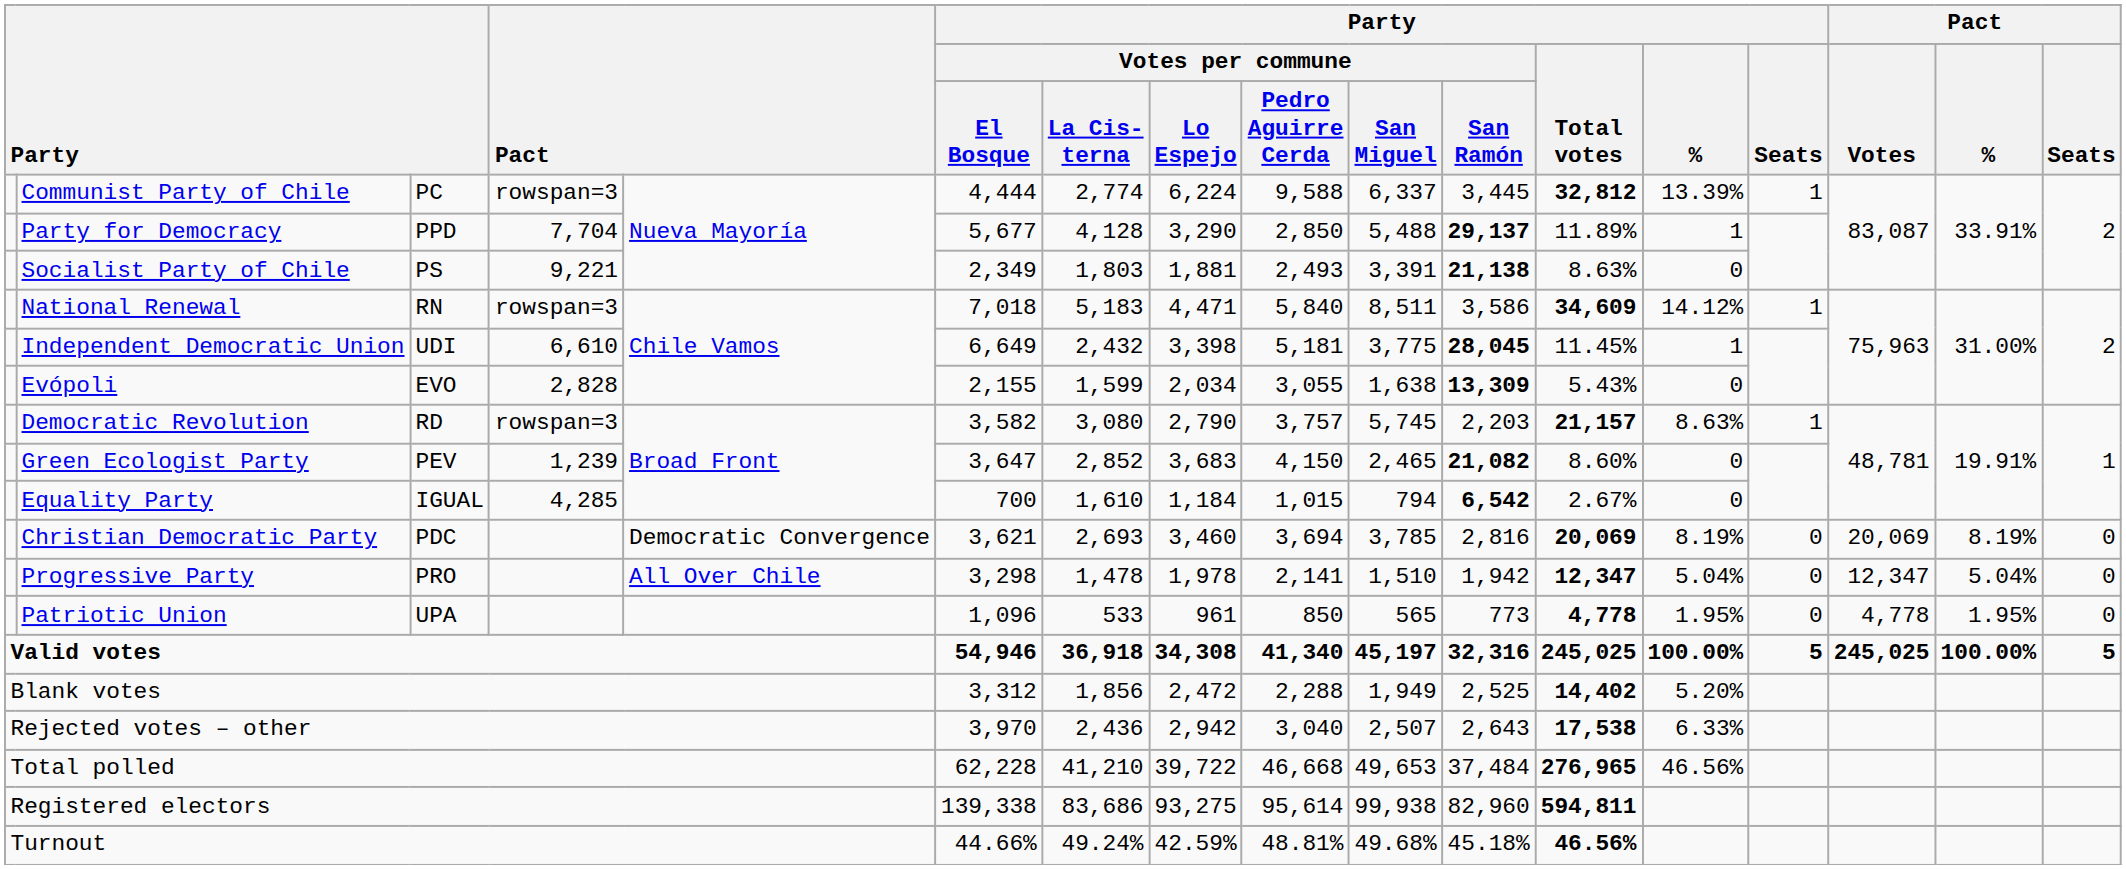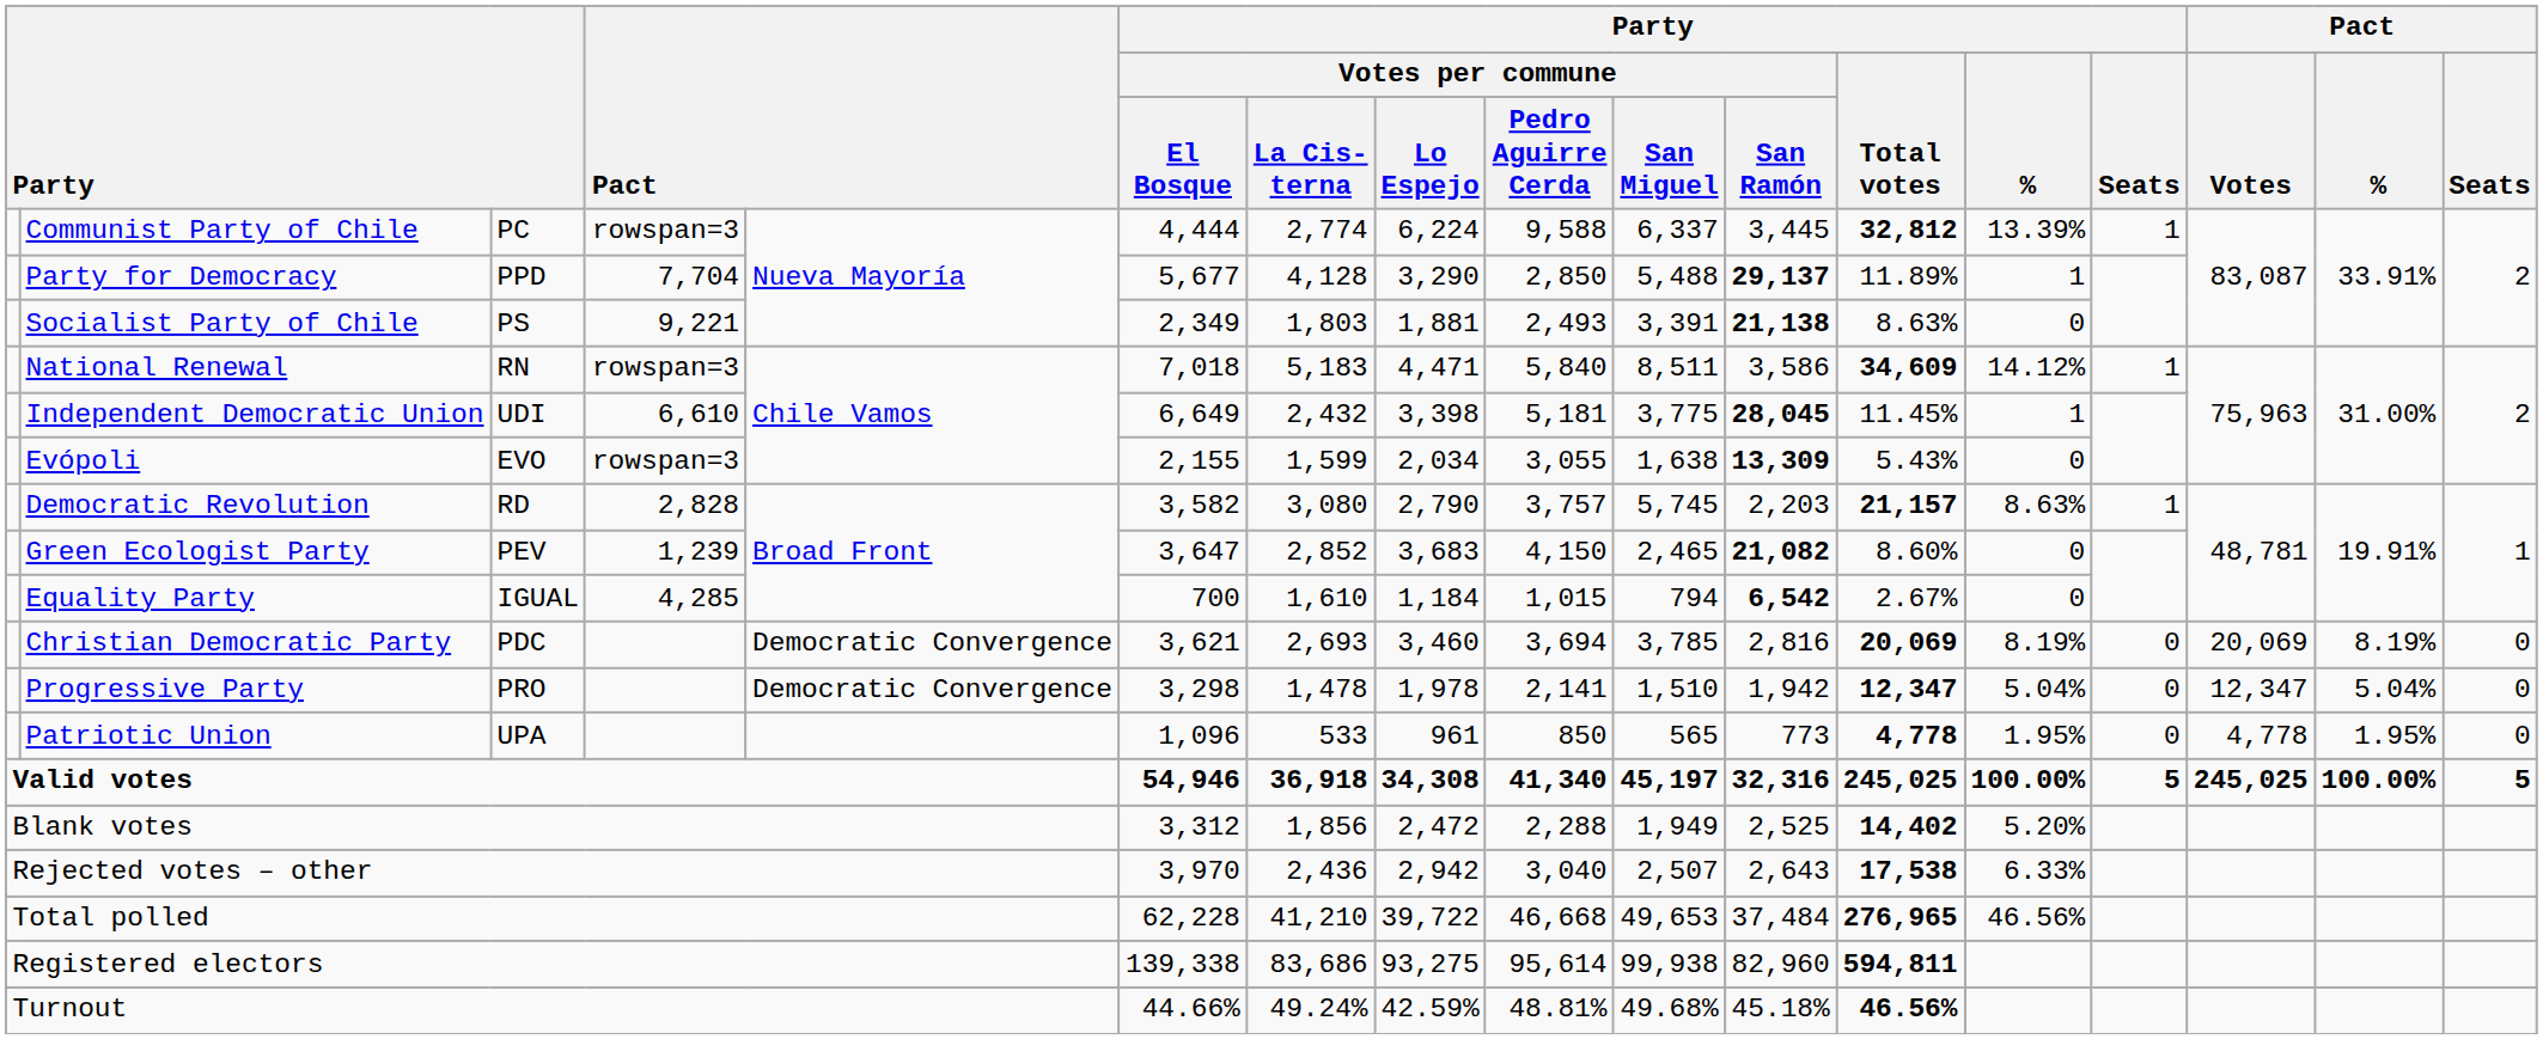 <table class="wikitable" border="1" style="font-size:90%; text-align:right; white-space: nowrap;">
 <tr>
 <th style="text-align:left;" valign=bottom rowspan=3 colspan=3>Party</th>
 <th style="text-align:left;" valign=bottom rowspan=3 colspan=2>Pact</th>
 <th colspan=9>Party</th>
 <th colspan=3>Pact</th>
 </tr>
 <tr>
 <th colspan=6>Votes per commune</th>
 <th align=center valign=bottom rowspan=2 width="40">Total<br>votes</th>
 <th align=center valign=bottom rowspan=2 width="40">%</th>
 <th align=center valign=bottom rowspan=2>Seats</th>
 <th align=center valign=bottom rowspan=2 width="40">Votes</th>
 <th align=center valign=bottom rowspan=2 width="40">%</th>
 <th align=center valign=bottom rowspan=2>Seats</th>
 </tr>
 <tr>
 <th align=center valign=bottom width="40"><a href='#'>El<br>Bosque</a></th>
 <th align=center valign=bottom width="40"><a href='#'>La Cis-<br>terna</a></th>
 <th align=center valign=bottom width="40"><a href='#'>Lo<br>Espejo</a></th>
 <th align=center valign=bottom width="40"><a href='#'>Pedro<br>Aguirre<br>Cerda</a></th>
 <th align=center valign=bottom width="40"><a href='#'>San<br>Miguel</a></th>
 <th align=center valign=bottom width="40"><a href='#'>San<br>Ramón</a></th>
 </tr>
 <tr>
 <td></td>
 <td align=left><a href='#'>Communist Party of Chile</a></td>
 <td align=left>PC</td>
 <td>rowspan=3 </td>
 <td rowspan=3 align=left><a href='#'>Nueva Mayoría</a></td>
 <td>4,444</td>
 <td>2,774</td>
 <td>6,224</td>
 <td>9,588</td>
 <td>6,337</td>
 <td>3,445</td>
 <td><strong>32,812</strong></td>
 <td>13.39%</td>
 <td>1</td>
 <td rowspan=3>83,087</td>
 <td rowspan=3>33.91%</td>
 <td rowspan=3>2</td>
 </tr>
 <tr>
 <td></td>
 <td align=left><a href='#'>Party for Democracy</a></td>
 <td align=left>PPD</td>
 <td>7,704</td>
 <td>5,677</td>
 <td>4,128</td>
 <td>3,290</td>
 <td>2,850</td>
 <td>5,488</td>
 <td><strong>29,137</strong></td>
 <td>11.89%</td>
 <td>1</td>
 </tr>
 <tr>
 <td></td>
 <td align=left><a href='#'>Socialist Party of Chile</a></td>
 <td align=left>PS</td>
 <td>9,221</td>
 <td>2,349</td>
 <td>1,803</td>
 <td>1,881</td>
 <td>2,493</td>
 <td>3,391</td>
 <td><strong>21,138</strong></td>
 <td>8.63%</td>
 <td>0</td>
 </tr>
 <tr>
 <td></td>
 <td align=left><a href='#'>National Renewal</a></td>
 <td align=left>RN</td>
 <td>rowspan=3 </td>
 <td rowspan=3 align=left><a href='#'>Chile Vamos</a></td>
 <td>7,018</td>
 <td>5,183</td>
 <td>4,471</td>
 <td>5,840</td>
 <td>8,511</td>
 <td>3,586</td>
 <td><strong>34,609</strong></td>
 <td>14.12%</td>
 <td>1</td>
 <td rowspan=3>75,963</td>
 <td rowspan=3>31.00%</td>
 <td rowspan=3>2</td>
 </tr>
 <tr>
 <td></td>
 <td align=left><a href='#'>Independent Democratic Union</a></td>
 <td align=left>UDI</td>
 <td>6,610</td>
 <td>6,649</td>
 <td>2,432</td>
 <td>3,398</td>
 <td>5,181</td>
 <td>3,775</td>
 <td><strong>28,045</strong></td>
 <td>11.45%</td>
 <td>1</td>
 </tr>
 <tr>
 <td></td>
 <td align=left><a href='#'>Evópoli</a></td>
 <td align=left>EVO</td>
-<td>2,828</td>
+<td>rowspan=3 </td>
 <td>2,155</td>
 <td>1,599</td>
 <td>2,034</td>
 <td>3,055</td>
 <td>1,638</td>
 <td><strong>13,309</strong></td>
 <td>5.43%</td>
 <td>0</td>
 </tr>
 <tr>
 <td></td>
 <td align=left><a href='#'>Democratic Revolution</a></td>
 <td align=left>RD</td>
-<td>rowspan=3 </td>
+<td>2,828</td>
 <td rowspan=3 align=left><a href='#'>Broad Front</a></td>
 <td>3,582</td>
 <td>3,080</td>
 <td>2,790</td>
 <td>3,757</td>
 <td>5,745</td>
 <td>2,203</td>
 <td><strong>21,157</strong></td>
 <td>8.63%</td>
 <td>1</td>
 <td rowspan=3>48,781</td>
 <td rowspan=3>19.91%</td>
 <td rowspan=3>1</td>
 </tr>
 <tr>
 <td></td>
 <td align=left><a href='#'>Green Ecologist Party</a></td>
 <td align=left>PEV</td>
 <td>1,239</td>
 <td>3,647</td>
 <td>2,852</td>
 <td>3,683</td>
 <td>4,150</td>
 <td>2,465</td>
 <td><strong>21,082</strong></td>
 <td>8.60%</td>
 <td>0</td>
 </tr>
 <tr>
 <td></td>
 <td align=left><a href='#'>Equality Party</a></td>
 <td align=left>IGUAL</td>
 <td>4,285</td>
 <td>700</td>
 <td>1,610</td>
 <td>1,184</td>
 <td>1,015</td>
 <td>794</td>
 <td><strong>6,542</strong></td>
 <td>2.67%</td>
 <td>0</td>
 </tr>
 <tr>
 <td></td>
 <td align=left><a href='#'>Christian Democratic Party</a></td>
 <td align=left>PDC</td>
 <td></td>
 <td align=left>Democratic Convergence</td>
 <td>3,621</td>
 <td>2,693</td>
 <td>3,460</td>
 <td>3,694</td>
 <td>3,785</td>
 <td>2,816</td>
 <td><strong>20,069</strong></td>
 <td>8.19%</td>
 <td>0</td>
 <td>20,069</td>
 <td>8.19%</td>
 <td>0</td>
 </tr>
 <tr>
 <td></td>
 <td align=left><a href='#'>Progressive Party</a></td>
 <td align=left>PRO</td>
 <td></td>
-<td align=left><a href='#'>All Over Chile</a></td>
+<td align=left>Democratic Convergence</td>
 <td>3,298</td>
 <td>1,478</td>
 <td>1,978</td>
 <td>2,141</td>
 <td>1,510</td>
 <td>1,942</td>
 <td><strong>12,347</strong></td>
 <td>5.04%</td>
 <td>0</td>
 <td>12,347</td>
 <td>5.04%</td>
 <td>0</td>
 </tr>
 <tr>
 <td></td>
 <td align=left><a href='#'>Patriotic Union</a></td>
 <td align=left>UPA</td>
 <td></td>
 <td></td>
 <td>1,096</td>
 <td>533</td>
 <td>961</td>
 <td>850</td>
 <td>565</td>
 <td>773</td>
 <td><strong>4,778</strong></td>
 <td>1.95%</td>
 <td>0</td>
 <td>4,778</td>
 <td>1.95%</td>
 <td>0</td>
 </tr>
 <tr style="font-weight:bold">
 <td align=left colspan=5>Valid votes</td>
 <td>54,946</td>
 <td>36,918</td>
 <td>34,308</td>
 <td>41,340</td>
 <td>45,197</td>
 <td>32,316</td>
 <td>245,025</td>
 <td>100.00%</td>
 <td>5</td>
 <td>245,025</td>
 <td>100.00%</td>
 <td>5</td>
 </tr>
 <tr>
 <td align=left colspan=5>Blank votes</td>
 <td>3,312</td>
 <td>1,856</td>
 <td>2,472</td>
 <td>2,288</td>
 <td>1,949</td>
 <td>2,525</td>
 <td><strong>14,402</strong></td>
 <td>5.20%</td>
 <td></td>
 <td></td>
 <td></td>
 <td></td>
 </tr>
 <tr>
 <td align=left colspan=5>Rejected votes – other</td>
 <td>3,970</td>
 <td>2,436</td>
 <td>2,942</td>
 <td>3,040</td>
 <td>2,507</td>
 <td>2,643</td>
 <td><strong>17,538</strong></td>
 <td>6.33%</td>
 <td></td>
 <td></td>
 <td></td>
 <td></td>
 </tr>
 <tr>
 <td align=left colspan=5>Total polled</td>
 <td>62,228</td>
 <td>41,210</td>
 <td>39,722</td>
 <td>46,668</td>
 <td>49,653</td>
 <td>37,484</td>
 <td><strong>276,965</strong></td>
 <td>46.56%</td>
 <td></td>
 <td></td>
 <td></td>
 <td></td>
 </tr>
 <tr>
 <td align=left colspan=5>Registered electors</td>
 <td>139,338</td>
 <td>83,686</td>
 <td>93,275</td>
 <td>95,614</td>
 <td>99,938</td>
 <td>82,960</td>
 <td><strong>594,811</strong></td>
 <td></td>
 <td></td>
 <td></td>
 <td></td>
 <td></td>
 </tr>
 <tr>
 <td align=left colspan=5>Turnout</td>
 <td>44.66%</td>
 <td>49.24%</td>
 <td>42.59%</td>
 <td>48.81%</td>
 <td>49.68%</td>
 <td>45.18%</td>
 <td><strong>46.56%</strong></td>
 <td></td>
 <td></td>
 <td></td>
 <td></td>
 <td></td>
 </tr>
 </table>
